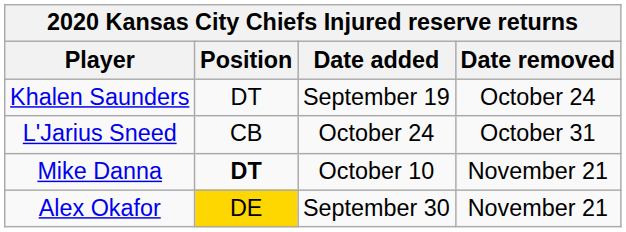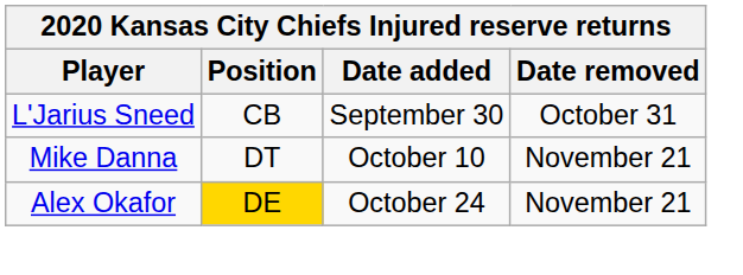 <table class="wikitable" style="text-align:center">
 <tr>
 <th colspan=4>2020 Kansas City Chiefs Injured reserve returns</th>
 </tr>
 <tr>
 <th>Player</th>
 <th>Position</th>
 <th>Date added</th>
 <th>Date removed</th>
 </tr>
 <tr>
-<td><a href='#'>Khalen Saunders</a></td>
-<td>DT</td>
-<td>September 19</td>
-<td>October 24</td>
-</tr>
-<tr>
 <td><a href='#'>L'Jarius Sneed</a></td>
 <td>CB</td>
-<td>October 24</td>
+<td>September 30</td>
 <td>October 31</td>
 </tr>
 <tr>
 <td><a href='#'>Mike Danna</a></td>
-<td><strong>DT</strong></td>
+<td>DT</td>
 <td>October 10</td>
 <td>November 21</td>
 </tr>
 <tr>
 <td><a href='#'>Alex Okafor</a></td>
 <td style="background: gold;">DE</td>
-<td>September 30</td>
+<td>October 24</td>
 <td>November 21</td>
 </tr>
 </table>
